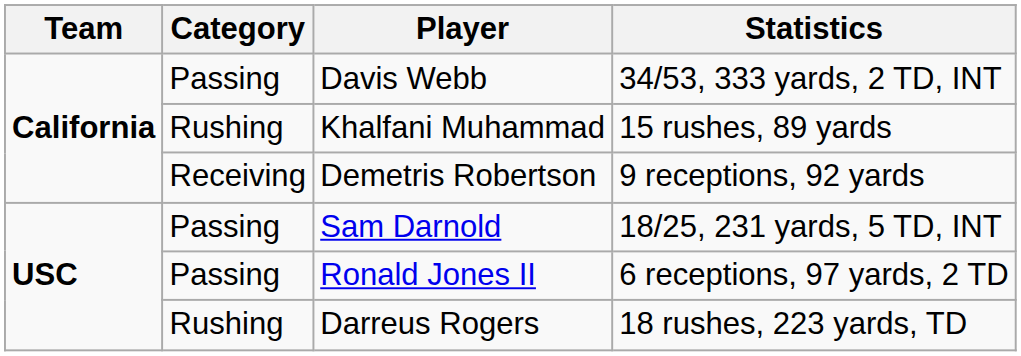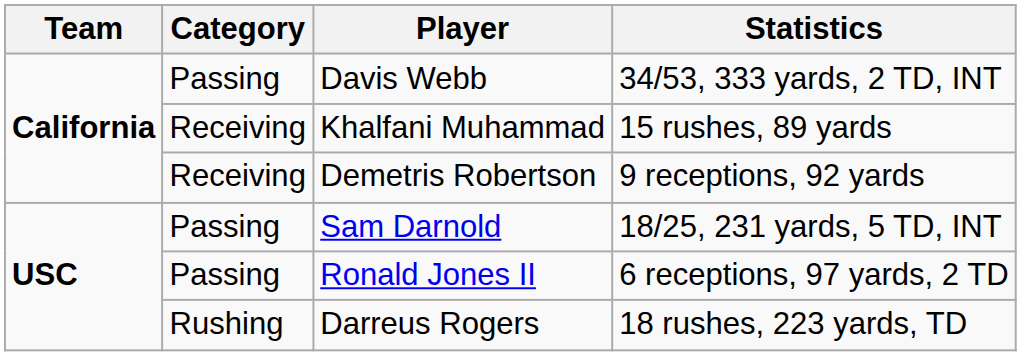 <table class="wikitable" style="float: left;">
 <tr>
 <th>Team</th>
 <th>Category</th>
 <th>Player</th>
 <th>Statistics</th>
 </tr>
 <tr>
 <td rowspan=3><strong>California</strong></td>
 <td>Passing</td>
 <td>Davis Webb</td>
 <td>34/53, 333 yards, 2 TD, INT</td>
 </tr>
 <tr>
-<td>Rushing</td>
+<td>Receiving</td>
 <td>Khalfani Muhammad</td>
 <td>15 rushes, 89 yards</td>
 </tr>
 <tr>
 <td>Receiving</td>
 <td>Demetris Robertson</td>
 <td>9 receptions, 92 yards</td>
 </tr>
 <tr>
 <td rowspan=3><strong>USC</strong></td>
 <td>Passing</td>
 <td><a href='#'>Sam Darnold</a></td>
 <td>18/25, 231 yards, 5 TD, INT</td>
 </tr>
 <tr>
 <td>Passing</td>
 <td><a href='#'>Ronald Jones II</a></td>
 <td>6 receptions, 97 yards, 2 TD</td>
 </tr>
 <tr>
 <td>Rushing</td>
 <td>Darreus Rogers</td>
 <td>18 rushes, 223 yards, TD</td>
 </tr>
 </table>
